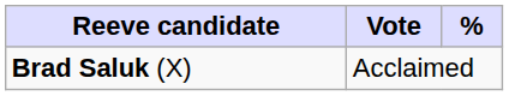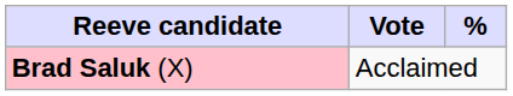 <table class="wikitable">
 <tr>
 <th style="background:#ddf;" width="200px">Reeve candidate</th>
 <th style="background:#ddf;" width="50px">Vote</th>
 <th style="background:#ddf;" width="30px">%</th>
 </tr>
 <tr>
-<td><strong>Brad Saluk</strong> (X)</td>
+<td style="background: pink;"><strong>Brad Saluk</strong> (X)</td>
 <td colspan="2">Acclaimed</td>
 </tr>
 </table>
